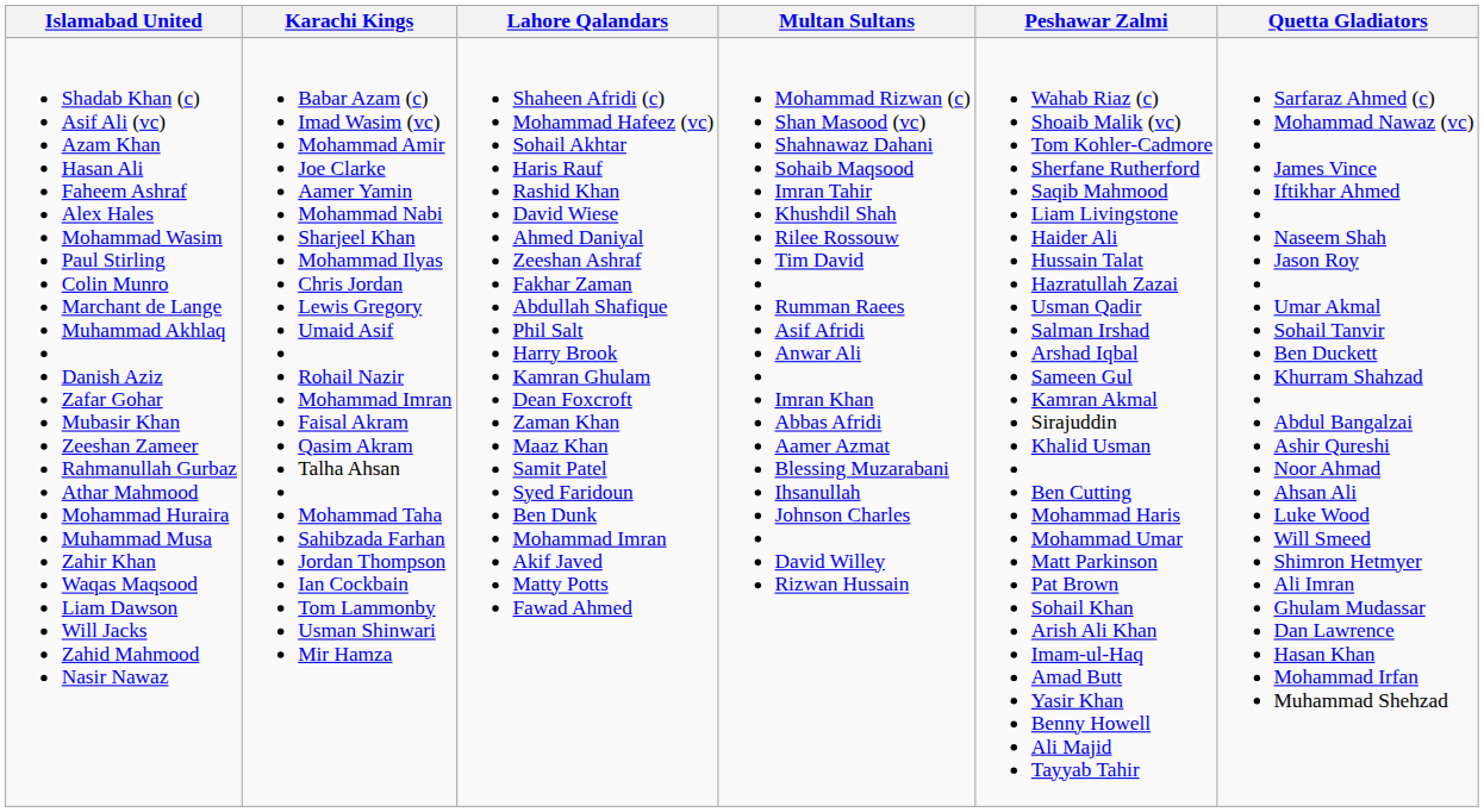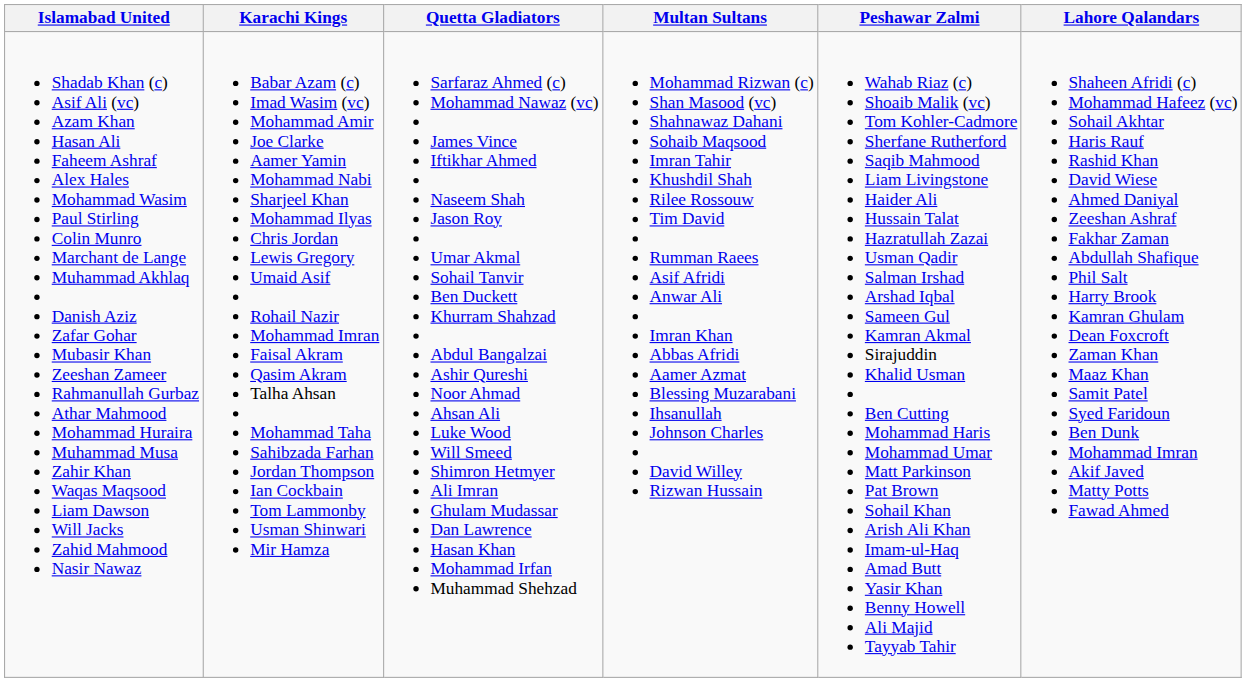 <table class="wikitable">
 <tr>
 <th><a href='#'>Islamabad United</a></th>
 <th><a href='#'>Karachi Kings</a></th>
-<th><a href='#'>Lahore Qalandars</a></th>
+<th><a href='#'>Quetta Gladiators</a></th>
 <th><a href='#'>Multan Sultans</a></th>
 <th><a href='#'>Peshawar Zalmi</a></th>
-<th><a href='#'>Quetta Gladiators</a></th>
+<th><a href='#'>Lahore Qalandars</a></th>
 </tr>
 <tr>
 <td valign=top><br><ul><li><a href='#'>Shadab Khan</a> (<a href='#'>c</a>)</li><li><a href='#'>Asif Ali</a> (<a href='#'>vc</a>)</li><li><a href='#'>Azam Khan</a></li><li><a href='#'>Hasan Ali</a></li><li><a href='#'>Faheem Ashraf</a></li><li><a href='#'>Alex Hales</a></li><li><a href='#'>Mohammad Wasim</a></li><li><a href='#'>Paul Stirling</a></li><li><a href='#'>Colin Munro</a></li><li><a href='#'>Marchant de Lange</a></li><li><a href='#'>Muhammad Akhlaq</a></li><li></li><li><a href='#'>Danish Aziz</a></li><li><a href='#'>Zafar Gohar</a></li><li><a href='#'>Mubasir Khan</a></li><li><a href='#'>Zeeshan Zameer</a></li><li><a href='#'>Rahmanullah Gurbaz</a></li><li><a href='#'>Athar Mahmood</a></li><li><a href='#'>Mohammad Huraira</a></li><li><a href='#'>Muhammad Musa</a></li><li><a href='#'>Zahir Khan</a></li><li><a href='#'>Waqas Maqsood</a></li><li><a href='#'>Liam Dawson</a></li><li><a href='#'>Will Jacks</a></li><li><a href='#'>Zahid Mahmood</a></li><li><a href='#'>Nasir Nawaz</a></li></ul></td>
 <td valign=top><br><ul><li><a href='#'>Babar Azam</a> (<a href='#'>c</a>)</li><li><a href='#'>Imad Wasim</a> (<a href='#'>vc</a>)</li><li><a href='#'>Mohammad Amir</a></li><li><a href='#'>Joe Clarke</a></li><li><a href='#'>Aamer Yamin</a></li><li><a href='#'>Mohammad Nabi</a></li><li><a href='#'>Sharjeel Khan</a></li><li><a href='#'>Mohammad Ilyas</a></li><li><a href='#'>Chris Jordan</a></li><li><a href='#'>Lewis Gregory</a></li><li><a href='#'>Umaid Asif</a></li><li></li><li><a href='#'>Rohail Nazir</a></li><li><a href='#'>Mohammad Imran</a></li><li><a href='#'>Faisal Akram</a></li><li><a href='#'>Qasim Akram</a></li><li>Talha Ahsan</li><li></li><li><a href='#'>Mohammad Taha</a></li><li><a href='#'>Sahibzada Farhan</a></li><li><a href='#'>Jordan Thompson</a></li><li><a href='#'>Ian Cockbain</a></li><li><a href='#'>Tom Lammonby</a></li><li><a href='#'>Usman Shinwari</a></li><li><a href='#'>Mir Hamza</a></li></ul></td>
-<td valign=top><br><ul><li><a href='#'>Shaheen Afridi</a> (<a href='#'>c</a>)</li><li><a href='#'>Mohammad Hafeez</a> (<a href='#'>vc</a>)</li><li><a href='#'>Sohail Akhtar</a></li><li><a href='#'>Haris Rauf</a></li><li><a href='#'>Rashid Khan</a></li><li><a href='#'>David Wiese</a></li><li><a href='#'>Ahmed Daniyal</a></li><li><a href='#'>Zeeshan Ashraf</a></li><li><a href='#'>Fakhar Zaman</a></li><li><a href='#'>Abdullah Shafique</a></li><li><a href='#'>Phil Salt</a></li><li><a href='#'>Harry Brook</a></li><li><a href='#'>Kamran Ghulam</a></li><li><a href='#'>Dean Foxcroft</a></li><li><a href='#'>Zaman Khan</a></li><li><a href='#'>Maaz Khan</a></li><li><a href='#'>Samit Patel</a></li><li><a href='#'>Syed Faridoun</a></li><li><a href='#'>Ben Dunk</a></li><li><a href='#'>Mohammad Imran</a></li><li><a href='#'>Akif Javed</a></li><li><a href='#'>Matty Potts</a></li><li><a href='#'>Fawad Ahmed</a></li></ul></td>
+<td valign=top><br><ul><li><a href='#'>Sarfaraz Ahmed</a> (<a href='#'>c</a>)</li><li><a href='#'>Mohammad Nawaz</a> (<a href='#'>vc</a>)</li><li></li><li><a href='#'>James Vince</a></li><li><a href='#'>Iftikhar Ahmed</a></li><li></li><li><a href='#'>Naseem Shah</a></li><li><a href='#'>Jason Roy</a></li><li></li><li><a href='#'>Umar Akmal</a></li><li><a href='#'>Sohail Tanvir</a></li><li><a href='#'>Ben Duckett</a></li><li><a href='#'>Khurram Shahzad</a></li><li></li><li><a href='#'>Abdul Bangalzai</a></li><li><a href='#'>Ashir Qureshi</a></li><li><a href='#'>Noor Ahmad</a></li><li><a href='#'>Ahsan Ali</a></li><li><a href='#'>Luke Wood</a></li><li><a href='#'>Will Smeed</a></li><li><a href='#'>Shimron Hetmyer</a></li><li><a href='#'>Ali Imran</a></li><li><a href='#'>Ghulam Mudassar</a></li><li><a href='#'>Dan Lawrence</a></li><li><a href='#'>Hasan Khan</a></li><li><a href='#'>Mohammad Irfan</a></li><li>Muhammad Shehzad</li></ul></td>
 <td valign=top><br><ul><li><a href='#'>Mohammad Rizwan</a> (<a href='#'>c</a>)</li><li><a href='#'>Shan Masood</a> (<a href='#'>vc</a>)</li><li><a href='#'>Shahnawaz Dahani</a></li><li><a href='#'>Sohaib Maqsood</a></li><li><a href='#'>Imran Tahir</a></li><li><a href='#'>Khushdil Shah</a></li><li><a href='#'>Rilee Rossouw</a></li><li><a href='#'>Tim David</a></li><li></li><li><a href='#'>Rumman Raees</a></li><li><a href='#'>Asif Afridi</a></li><li><a href='#'>Anwar Ali</a></li><li></li><li><a href='#'>Imran Khan</a></li><li><a href='#'>Abbas Afridi</a></li><li><a href='#'>Aamer Azmat</a></li><li><a href='#'>Blessing Muzarabani</a></li><li><a href='#'>Ihsanullah</a></li><li><a href='#'>Johnson Charles</a></li><li></li><li><a href='#'>David Willey</a></li><li><a href='#'>Rizwan Hussain</a></li></ul></td>
 <td valign=top><br><ul><li><a href='#'>Wahab Riaz</a> (<a href='#'>c</a>)</li><li><a href='#'>Shoaib Malik</a> (<a href='#'>vc</a>)</li><li><a href='#'>Tom Kohler-Cadmore</a></li><li><a href='#'>Sherfane Rutherford</a></li><li><a href='#'>Saqib Mahmood</a></li><li><a href='#'>Liam Livingstone</a></li><li><a href='#'>Haider Ali</a></li><li><a href='#'>Hussain Talat</a></li><li><a href='#'>Hazratullah Zazai</a></li><li><a href='#'>Usman Qadir</a></li><li><a href='#'>Salman Irshad</a></li><li><a href='#'>Arshad Iqbal</a></li><li><a href='#'>Sameen Gul</a></li><li><a href='#'>Kamran Akmal</a></li><li>Sirajuddin</li><li><a href='#'>Khalid Usman</a></li><li></li><li><a href='#'>Ben Cutting</a></li><li><a href='#'>Mohammad Haris</a></li><li><a href='#'>Mohammad Umar</a></li><li><a href='#'>Matt Parkinson</a></li><li><a href='#'>Pat Brown</a></li><li><a href='#'>Sohail Khan</a></li><li><a href='#'>Arish Ali Khan</a></li><li><a href='#'>Imam-ul-Haq</a></li><li><a href='#'>Amad Butt</a></li><li><a href='#'>Yasir Khan</a></li><li><a href='#'>Benny Howell</a></li><li><a href='#'>Ali Majid</a></li><li><a href='#'>Tayyab Tahir</a></li></ul></td>
-<td valign=top><br><ul><li><a href='#'>Sarfaraz Ahmed</a> (<a href='#'>c</a>)</li><li><a href='#'>Mohammad Nawaz</a> (<a href='#'>vc</a>)</li><li></li><li><a href='#'>James Vince</a></li><li><a href='#'>Iftikhar Ahmed</a></li><li></li><li><a href='#'>Naseem Shah</a></li><li><a href='#'>Jason Roy</a></li><li></li><li><a href='#'>Umar Akmal</a></li><li><a href='#'>Sohail Tanvir</a></li><li><a href='#'>Ben Duckett</a></li><li><a href='#'>Khurram Shahzad</a></li><li></li><li><a href='#'>Abdul Bangalzai</a></li><li><a href='#'>Ashir Qureshi</a></li><li><a href='#'>Noor Ahmad</a></li><li><a href='#'>Ahsan Ali</a></li><li><a href='#'>Luke Wood</a></li><li><a href='#'>Will Smeed</a></li><li><a href='#'>Shimron Hetmyer</a></li><li><a href='#'>Ali Imran</a></li><li><a href='#'>Ghulam Mudassar</a></li><li><a href='#'>Dan Lawrence</a></li><li><a href='#'>Hasan Khan</a></li><li><a href='#'>Mohammad Irfan</a></li><li>Muhammad Shehzad</li></ul></td>
+<td valign=top><br><ul><li><a href='#'>Shaheen Afridi</a> (<a href='#'>c</a>)</li><li><a href='#'>Mohammad Hafeez</a> (<a href='#'>vc</a>)</li><li><a href='#'>Sohail Akhtar</a></li><li><a href='#'>Haris Rauf</a></li><li><a href='#'>Rashid Khan</a></li><li><a href='#'>David Wiese</a></li><li><a href='#'>Ahmed Daniyal</a></li><li><a href='#'>Zeeshan Ashraf</a></li><li><a href='#'>Fakhar Zaman</a></li><li><a href='#'>Abdullah Shafique</a></li><li><a href='#'>Phil Salt</a></li><li><a href='#'>Harry Brook</a></li><li><a href='#'>Kamran Ghulam</a></li><li><a href='#'>Dean Foxcroft</a></li><li><a href='#'>Zaman Khan</a></li><li><a href='#'>Maaz Khan</a></li><li><a href='#'>Samit Patel</a></li><li><a href='#'>Syed Faridoun</a></li><li><a href='#'>Ben Dunk</a></li><li><a href='#'>Mohammad Imran</a></li><li><a href='#'>Akif Javed</a></li><li><a href='#'>Matty Potts</a></li><li><a href='#'>Fawad Ahmed</a></li></ul></td>
 </tr>
 </table>
